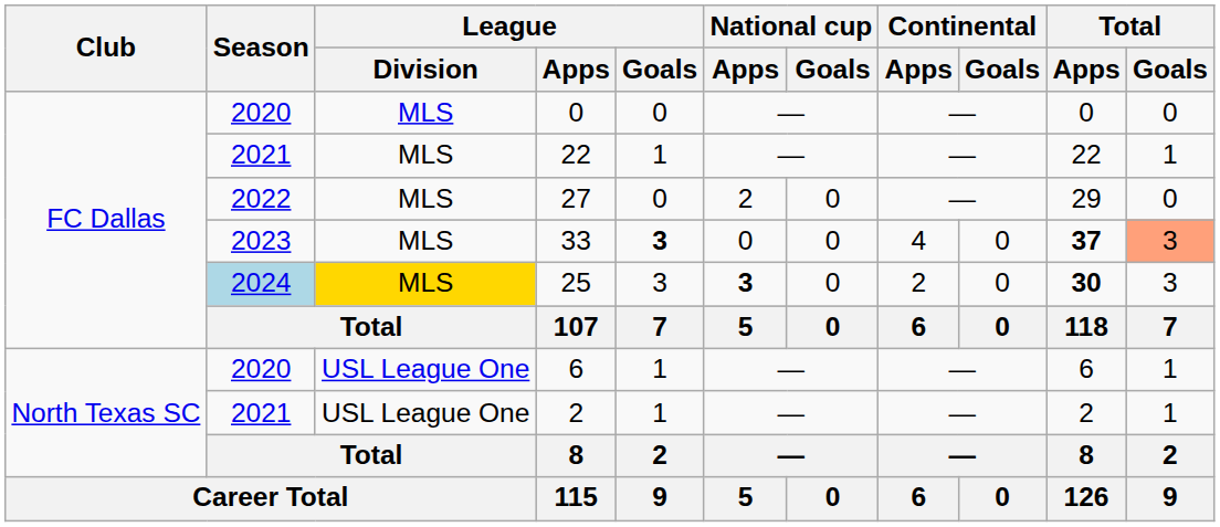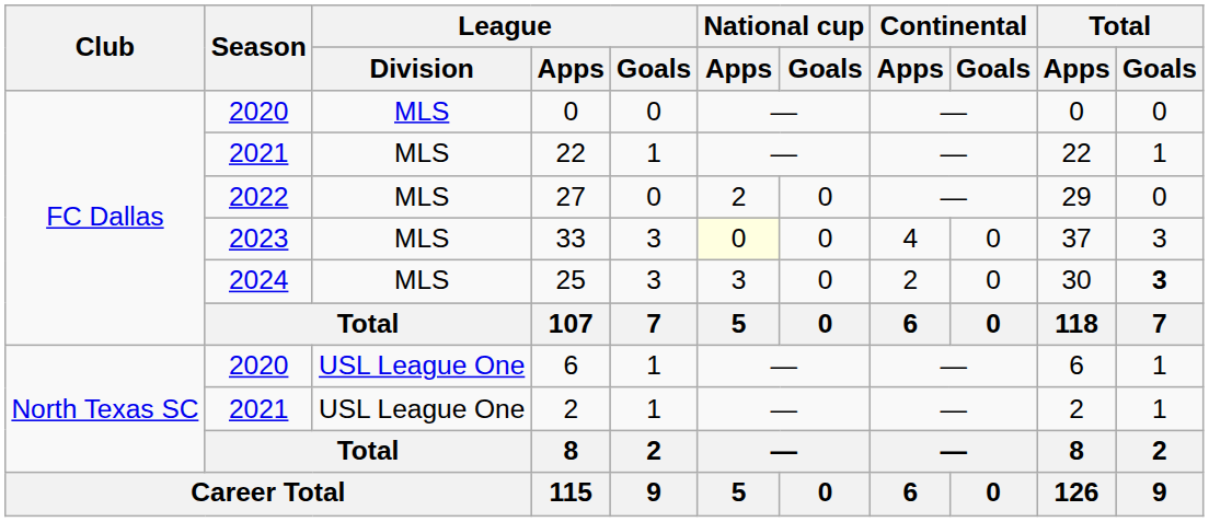 <table class="wikitable" style="text-align: center;">
 <tr>
 <th rowspan="2">Club</th>
 <th rowspan="2">Season</th>
 <th colspan="3">League</th>
 <th colspan="2">National cup</th>
 <th colspan="2">Continental</th>
 <th colspan="2">Total</th>
 </tr>
 <tr>
 <th>Division</th>
 <th>Apps</th>
 <th>Goals</th>
 <th>Apps</th>
 <th>Goals</th>
 <th>Apps</th>
 <th>Goals</th>
 <th>Apps</th>
 <th>Goals</th>
 </tr>
 <tr>
 <td rowspan="6"><a href='#'>FC Dallas</a></td>
 <td><a href='#'>2020</a></td>
 <td><a href='#'>MLS</a></td>
 <td>0</td>
 <td>0</td>
 <td colspan="2">—</td>
 <td colspan="2">—</td>
 <td>0</td>
 <td>0</td>
 </tr>
 <tr>
 <td><a href='#'>2021</a></td>
 <td>MLS</td>
 <td>22</td>
 <td>1</td>
 <td colspan="2">—</td>
 <td colspan="2">—</td>
 <td>22</td>
 <td>1</td>
 </tr>
 <tr>
 <td><a href='#'>2022</a></td>
 <td>MLS</td>
 <td>27</td>
 <td>0</td>
 <td>2</td>
 <td>0</td>
 <td colspan="2">—</td>
 <td>29</td>
 <td>0</td>
 </tr>
 <tr>
 <td><a href='#'>2023</a></td>
 <td>MLS</td>
 <td>33</td>
-<td><strong>3</strong></td>
-<td>0</td>
+<td>3</td>
+<td style="background: lightyellow;">0</td>
 <td>0</td>
 <td>4</td>
 <td>0</td>
-<td><strong>37</strong></td>
-<td style="background: lightsalmon;">3</td>
+<td>37</td>
+<td>3</td>
 </tr>
 <tr>
-<td style="background: lightblue;"><a href='#'>2024</a></td>
-<td style="background: gold;">MLS</td>
+<td><a href='#'>2024</a></td>
+<td>MLS</td>
 <td>25</td>
 <td>3</td>
-<td><strong>3</strong></td>
+<td>3</td>
 <td>0</td>
 <td>2</td>
 <td>0</td>
-<td><strong>30</strong></td>
-<td>3</td>
+<td>30</td>
+<td><strong>3</strong></td>
 </tr>
 <tr>
 <th colspan="2">Total</th>
 <th>107</th>
 <th>7</th>
 <th>5</th>
 <th>0</th>
 <th>6</th>
 <th>0</th>
 <th>118</th>
 <th>7</th>
 </tr>
 <tr>
 <td rowspan="3"><a href='#'>North Texas SC</a></td>
 <td><a href='#'>2020</a></td>
 <td><a href='#'>USL League One</a></td>
 <td>6</td>
 <td>1</td>
 <td colspan="2">—</td>
 <td colspan="2">—</td>
 <td>6</td>
 <td>1</td>
 </tr>
 <tr>
 <td><a href='#'>2021</a></td>
 <td>USL League One</td>
 <td>2</td>
 <td>1</td>
 <td colspan="2">—</td>
 <td colspan="2">—</td>
 <td>2</td>
 <td>1</td>
 </tr>
 <tr>
 <th colspan="2">Total</th>
 <th>8</th>
 <th>2</th>
 <th colspan="2">—</th>
 <th colspan="2">—</th>
 <th>8</th>
 <th>2</th>
 </tr>
 <tr>
 <th colspan="3">Career Total</th>
 <th>115</th>
 <th>9</th>
 <th>5</th>
 <th>0</th>
 <th>6</th>
 <th>0</th>
 <th>126</th>
 <th>9</th>
 </tr>
 </table>
